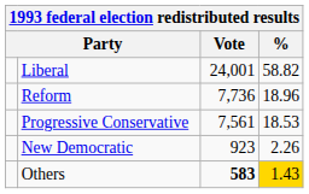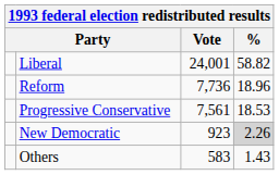 <table class="wikitable">
 <tr>
 <th colspan="4"><a href='#'>1993 federal election</a> redistributed results</th>
 </tr>
 <tr>
 <th bgcolor="#DDDDFF" width="130px" colspan="2">Party</th>
 <th bgcolor="#DDDDFF" width="50px">Vote</th>
 <th bgcolor="#DDDDFF" width="30px">%</th>
 </tr>
 <tr>
 <td> </td>
 <td><a href='#'>Liberal</a></td>
 <td align="right">24,001</td>
 <td align="right">58.82</td>
 </tr>
 <tr>
 <td> </td>
 <td><a href='#'>Reform</a></td>
 <td align="right">7,736</td>
 <td align="right">18.96</td>
 </tr>
 <tr>
 <td> </td>
 <td><a href='#'>Progressive Conservative</a></td>
 <td align="right">7,561</td>
 <td align="right">18.53</td>
 </tr>
 <tr>
 <td> </td>
 <td><a href='#'>New Democratic</a></td>
 <td align="right">923</td>
-<td align="right">2.26</td>
+<td align="right" style="background: lightgrey;">2.26</td>
 </tr>
 <tr>
 <td> </td>
 <td>Others</td>
-<td align="right"><strong>583</strong></td>
-<td align="right" style="background: gold;">1.43</td>
+<td align="right">583</td>
+<td align="right">1.43</td>
 </tr>
 </table>
